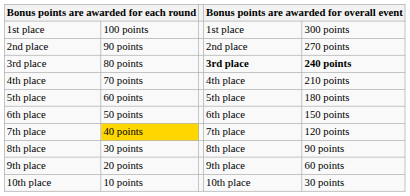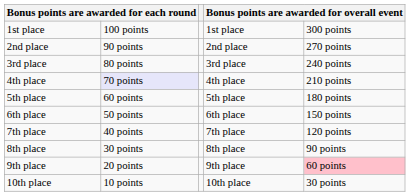 <table class="wikitable">
 <tr>
 <th colspan="2">Bonus points are awarded for each round</th>
 <th></th>
 <th colspan="2">Bonus points are awarded for overall event</th>
 </tr>
 <tr>
 <td>1st place</td>
 <td>100 points</td>
 <td></td>
 <td>1st place</td>
 <td>300 points</td>
 </tr>
 <tr>
 <td>2nd place</td>
 <td>90 points</td>
 <td></td>
 <td>2nd place</td>
 <td>270 points</td>
 </tr>
 <tr>
 <td>3rd place</td>
 <td>80 points</td>
 <td></td>
-<td><strong>3rd place</strong></td>
-<td><strong>240 points</strong></td>
+<td>3rd place</td>
+<td>240 points</td>
 </tr>
 <tr>
 <td>4th place</td>
-<td>70 points</td>
+<td style="background: lavender;">70 points</td>
 <td></td>
 <td>4th place</td>
 <td>210 points</td>
 </tr>
 <tr>
 <td>5th place</td>
 <td>60 points</td>
 <td></td>
 <td>5th place</td>
 <td>180 points</td>
 </tr>
 <tr>
 <td>6th place</td>
 <td>50 points</td>
 <td></td>
 <td>6th place</td>
 <td>150 points</td>
 </tr>
 <tr>
 <td>7th place</td>
-<td style="background: gold;">40 points</td>
+<td>40 points</td>
 <td></td>
 <td>7th place</td>
 <td>120 points</td>
 </tr>
 <tr>
 <td>8th place</td>
 <td>30 points</td>
 <td></td>
 <td>8th place</td>
 <td>90 points</td>
 </tr>
 <tr>
 <td>9th place</td>
 <td>20 points</td>
 <td></td>
 <td>9th place</td>
-<td>60 points</td>
+<td style="background: pink;">60 points</td>
 </tr>
 <tr>
 <td>10th place</td>
 <td>10 points</td>
 <td></td>
 <td>10th place</td>
 <td>30 points</td>
 </tr>
 </table>
